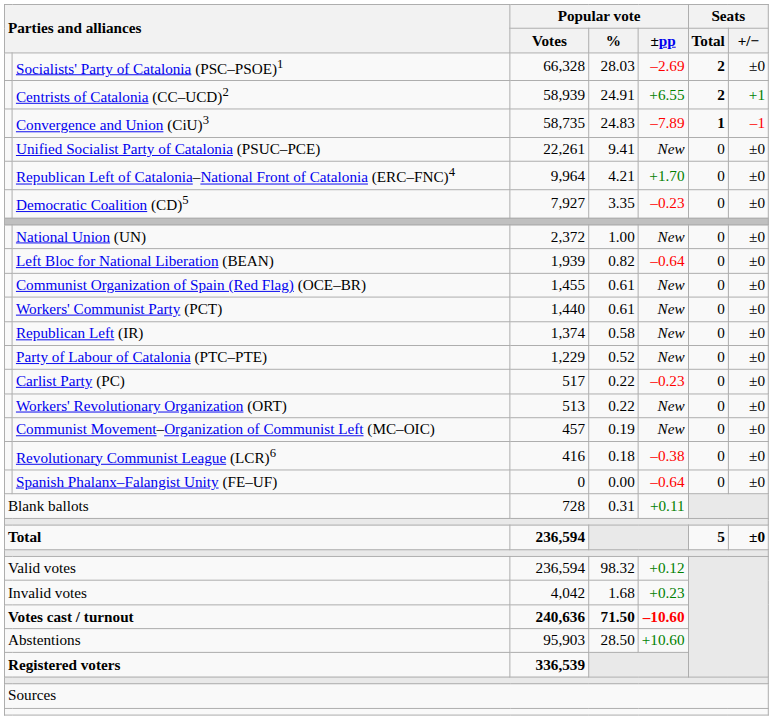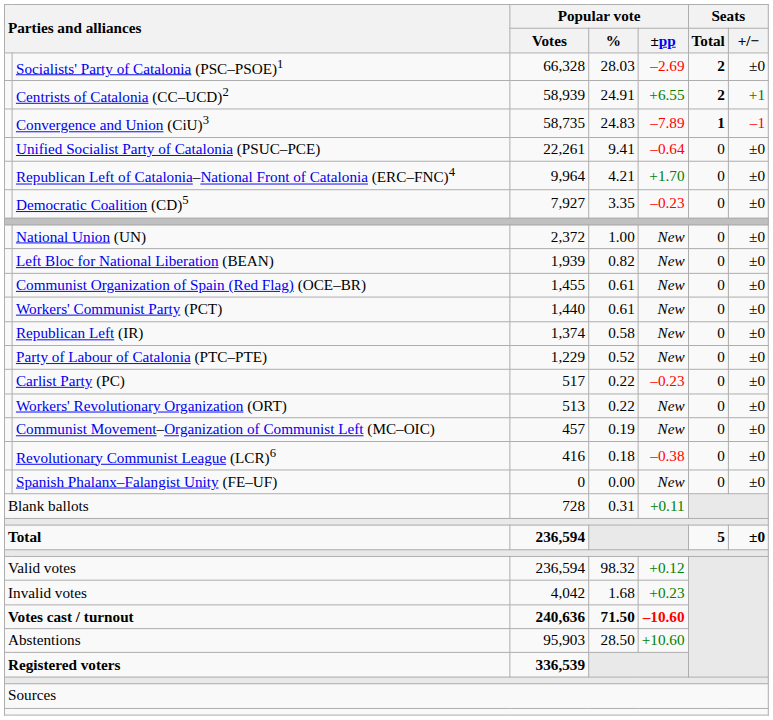 <table class="wikitable" style="text-align:right;">
 <tr>
 <th style="text-align:left;" rowspan="2" colspan="2" width="525">Parties and alliances</th>
 <th colspan="3">Popular vote</th>
 <th colspan="2">Seats</th>
 </tr>
 <tr>
 <th width="75">Votes</th>
 <th width="45">%</th>
 <th width="45">±<a href='#'>pp</a></th>
 <th width="35">Total</th>
 <th width="35">+/−</th>
 </tr>
 <tr>
 <td width="1" style="color:inherit;background:"></td>
 <td align="left"><a href='#'>Socialists' Party of Catalonia</a> (PSC–PSOE)<sup>1</sup></td>
 <td>66,328</td>
 <td>28.03</td>
 <td style="color:red;">–2.69</td>
 <td><strong>2</strong></td>
 <td>±0</td>
 </tr>
 <tr>
 <td style="color:inherit;background:"></td>
 <td align="left"><a href='#'>Centrists of Catalonia</a> (CC–UCD)<sup>2</sup></td>
 <td>58,939</td>
 <td>24.91</td>
 <td style="color:green;">+6.55</td>
 <td><strong>2</strong></td>
 <td style="color:green;">+1</td>
 </tr>
 <tr>
 <td style="color:inherit;background:"></td>
 <td align="left"><a href='#'>Convergence and Union</a> (CiU)<sup>3</sup></td>
 <td>58,735</td>
 <td>24.83</td>
 <td style="color:red;">–7.89</td>
 <td><strong>1</strong></td>
 <td style="color:red;">–1</td>
 </tr>
 <tr>
 <td style="color:inherit;background:"></td>
 <td align="left"><a href='#'>Unified Socialist Party of Catalonia</a> (PSUC–PCE)</td>
 <td>22,261</td>
 <td>9.41</td>
-<td><em>New</em></td>
+<td style="color:red;">–0.64</td>
 <td>0</td>
 <td>±0</td>
 </tr>
 <tr>
 <td style="color:inherit;background:"></td>
 <td align="left"><a href='#'>Republican Left of Catalonia</a>–<a href='#'>National Front of Catalonia</a> (ERC–FNC)<sup>4</sup></td>
 <td>9,964</td>
 <td>4.21</td>
 <td style="color:green;">+1.70</td>
 <td>0</td>
 <td>±0</td>
 </tr>
 <tr>
 <td style="color:inherit;background:"></td>
 <td align="left"><a href='#'>Democratic Coalition</a> (CD)<sup>5</sup></td>
 <td>7,927</td>
 <td>3.35</td>
 <td style="color:red;">–0.23</td>
 <td>0</td>
 <td>±0</td>
 </tr>
 <tr>
 <td colspan="7" bgcolor="#C0C0C0"></td>
 </tr>
 <tr>
 <td style="color:inherit;background:"></td>
 <td align="left"><a href='#'>National Union</a> (UN)</td>
 <td>2,372</td>
 <td>1.00</td>
 <td><em>New</em></td>
 <td>0</td>
 <td>±0</td>
 </tr>
 <tr>
 <td style="color:inherit;background:"></td>
 <td align="left"><a href='#'>Left Bloc for National Liberation</a> (BEAN)</td>
 <td>1,939</td>
 <td>0.82</td>
-<td style="color:red;">–0.64</td>
+<td><em>New</em></td>
 <td>0</td>
 <td>±0</td>
 </tr>
 <tr>
 <td style="color:inherit;background:"></td>
 <td align="left"><a href='#'>Communist Organization of Spain (Red Flag)</a> (OCE–BR)</td>
 <td>1,455</td>
 <td>0.61</td>
 <td><em>New</em></td>
 <td>0</td>
 <td>±0</td>
 </tr>
 <tr>
 <td style="color:inherit;background:"></td>
 <td align="left"><a href='#'>Workers' Communist Party</a> (PCT)</td>
 <td>1,440</td>
 <td>0.61</td>
 <td><em>New</em></td>
 <td>0</td>
 <td>±0</td>
 </tr>
 <tr>
 <td style="color:inherit;background:"></td>
 <td align="left"><a href='#'>Republican Left</a> (IR)</td>
 <td>1,374</td>
 <td>0.58</td>
 <td><em>New</em></td>
 <td>0</td>
 <td>±0</td>
 </tr>
 <tr>
 <td style="color:inherit;background:"></td>
 <td align="left"><a href='#'>Party of Labour of Catalonia</a> (PTC–PTE)</td>
 <td>1,229</td>
 <td>0.52</td>
 <td><em>New</em></td>
 <td>0</td>
 <td>±0</td>
 </tr>
 <tr>
 <td style="color:inherit;background:"></td>
 <td align="left"><a href='#'>Carlist Party</a> (PC)</td>
 <td>517</td>
 <td>0.22</td>
 <td style="color:red;">–0.23</td>
 <td>0</td>
 <td>±0</td>
 </tr>
 <tr>
 <td style="color:inherit;background:"></td>
 <td align="left"><a href='#'>Workers' Revolutionary Organization</a> (ORT)</td>
 <td>513</td>
 <td>0.22</td>
 <td><em>New</em></td>
 <td>0</td>
 <td>±0</td>
 </tr>
 <tr>
 <td style="color:inherit;background:"></td>
 <td align="left"><a href='#'>Communist Movement</a>–<a href='#'>Organization of Communist Left</a> (MC–OIC)</td>
 <td>457</td>
 <td>0.19</td>
 <td><em>New</em></td>
 <td>0</td>
 <td>±0</td>
 </tr>
 <tr>
 <td style="color:inherit;background:"></td>
 <td align="left"><a href='#'>Revolutionary Communist League</a> (LCR)<sup>6</sup></td>
 <td>416</td>
 <td>0.18</td>
 <td style="color:red;">–0.38</td>
 <td>0</td>
 <td>±0</td>
 </tr>
 <tr>
 <td style="color:inherit;background:"></td>
 <td align="left"><a href='#'>Spanish Phalanx–Falangist Unity</a> (FE–UF)</td>
 <td>0</td>
 <td>0.00</td>
-<td style="color:red;">–0.64</td>
+<td><em>New</em></td>
 <td>0</td>
 <td>±0</td>
 </tr>
 <tr>
 <td align="left" colspan="2">Blank ballots</td>
 <td>728</td>
 <td>0.31</td>
 <td style="color:green;">+0.11</td>
 <td bgcolor="#E9E9E9" colspan="2"></td>
 </tr>
 <tr>
 <td colspan="7" bgcolor="#E9E9E9"></td>
 </tr>
 <tr style="font-weight:bold;">
 <td align="left" colspan="2">Total</td>
 <td>236,594</td>
 <td bgcolor="#E9E9E9" colspan="2"></td>
 <td>5</td>
 <td>±0</td>
 </tr>
 <tr>
 <td colspan="7" bgcolor="#E9E9E9"></td>
 </tr>
 <tr>
 <td align="left" colspan="2">Valid votes</td>
 <td>236,594</td>
 <td>98.32</td>
 <td style="color:green;">+0.12</td>
 <td bgcolor="#E9E9E9" colspan="2" rowspan="5"></td>
 </tr>
 <tr>
 <td align="left" colspan="2">Invalid votes</td>
 <td>4,042</td>
 <td>1.68</td>
 <td style="color:green;">+0.23</td>
 </tr>
 <tr style="font-weight:bold;">
 <td align="left" colspan="2">Votes cast / turnout</td>
 <td>240,636</td>
 <td>71.50</td>
 <td style="color:red;">–10.60</td>
 </tr>
 <tr>
 <td align="left" colspan="2">Abstentions</td>
 <td>95,903</td>
 <td>28.50</td>
 <td style="color:green;">+10.60</td>
 </tr>
 <tr style="font-weight:bold;">
 <td align="left" colspan="2">Registered voters</td>
 <td>336,539</td>
 <td bgcolor="#E9E9E9" colspan="2"></td>
 </tr>
 <tr>
 <td colspan="7" bgcolor="#E9E9E9"></td>
 </tr>
 <tr>
 <td align="left" colspan="7">Sources</td>
 </tr>
 <tr>
 <td colspan="7" style="text-align:left; max-width:790px;"></td>
 </tr>
 </table>
